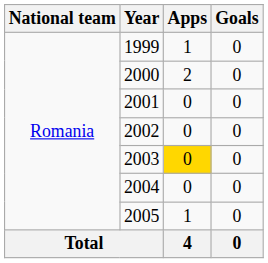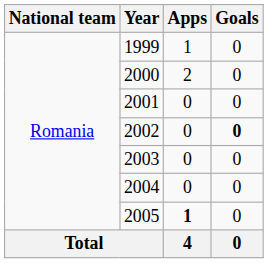 <table class="wikitable" style="text-align:center">
 <tr>
 <th>National team</th>
 <th>Year</th>
 <th>Apps</th>
 <th>Goals</th>
 </tr>
 <tr>
 <td rowspan="7"><a href='#'>Romania</a></td>
 <td>1999</td>
 <td>1</td>
 <td>0</td>
 </tr>
 <tr>
 <td>2000</td>
 <td>2</td>
 <td>0</td>
 </tr>
 <tr>
 <td>2001</td>
 <td>0</td>
 <td>0</td>
 </tr>
 <tr>
 <td>2002</td>
 <td>0</td>
-<td>0</td>
+<td><strong>0</strong></td>
 </tr>
 <tr>
 <td>2003</td>
-<td style="background: gold;">0</td>
+<td>0</td>
 <td>0</td>
 </tr>
 <tr>
 <td>2004</td>
 <td>0</td>
 <td>0</td>
 </tr>
 <tr>
 <td>2005</td>
-<td>1</td>
+<td><strong>1</strong></td>
 <td>0</td>
 </tr>
 <tr>
 <th colspan="2">Total</th>
 <th>4</th>
 <th>0</th>
 </tr>
 </table>
